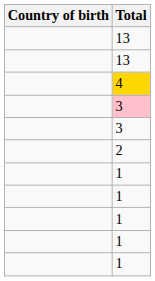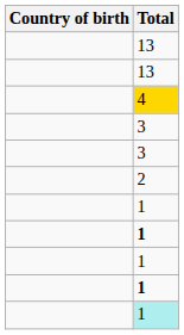 <table class="wikitable sortable">
 <tr>
 <th>Country of birth</th>
 <th>Total</th>
 </tr>
 <tr>
 <td></td>
 <td>13</td>
 </tr>
 <tr>
 <td></td>
 <td>13</td>
 </tr>
 <tr>
 <td></td>
 <td style="background: gold;">4</td>
 </tr>
 <tr>
 <td></td>
-<td style="background: pink;">3</td>
+<td>3</td>
 </tr>
 <tr>
 <td></td>
 <td>3</td>
 </tr>
 <tr>
 <td></td>
 <td>2</td>
 </tr>
 <tr>
 <td></td>
 <td>1</td>
 </tr>
 <tr>
 <td></td>
-<td>1</td>
+<td><strong>1</strong></td>
 </tr>
 <tr>
 <td></td>
 <td>1</td>
 </tr>
 <tr>
 <td></td>
-<td>1</td>
+<td><strong>1</strong></td>
 </tr>
 <tr>
 <td></td>
-<td>1</td>
+<td style="background: paleturquoise;">1</td>
 </tr>
 </table>
